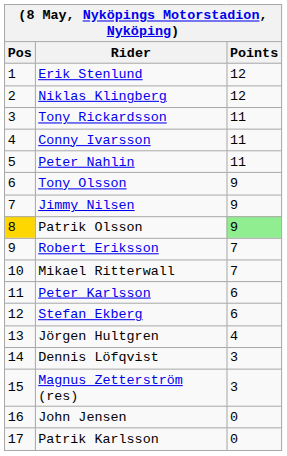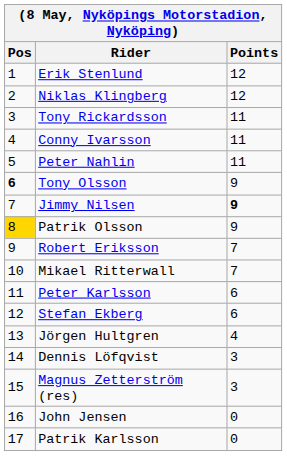 <table class="wikitable">
 <tr>
 <th colspan="6">(8 May, <a href='#'>Nyköpings Motorstadion</a>, <a href='#'>Nyköping</a>)</th>
 </tr>
 <tr>
 <th width=20>Pos</th>
 <th width=180>Rider</th>
 <th width=40>Points</th>
 </tr>
 <tr>
 <td>1</td>
 <td style="text-align:left;"><a href='#'>Erik Stenlund</a></td>
 <td>12</td>
 </tr>
 <tr>
 <td>2</td>
 <td style="text-align:left;"><a href='#'>Niklas Klingberg</a></td>
 <td>12</td>
 </tr>
 <tr>
 <td>3</td>
 <td style="text-align:left;"><a href='#'>Tony Rickardsson</a></td>
 <td>11</td>
 </tr>
 <tr>
 <td>4</td>
 <td style="text-align:left;"><a href='#'>Conny Ivarsson</a></td>
 <td>11</td>
 </tr>
 <tr>
 <td>5</td>
 <td style="text-align:left;"><a href='#'>Peter Nahlin</a></td>
 <td>11</td>
 </tr>
 <tr>
-<td>6</td>
+<td><strong>6</strong></td>
 <td style="text-align:left;"><a href='#'>Tony Olsson</a></td>
 <td>9</td>
 </tr>
 <tr>
 <td>7</td>
 <td style="text-align:left;"><a href='#'>Jimmy Nilsen</a></td>
-<td>9</td>
+<td><strong>9</strong></td>
 </tr>
 <tr>
 <td style="background: gold;">8</td>
 <td style="text-align:left;">Patrik Olsson</td>
-<td style="background: lightgreen;">9</td>
+<td>9</td>
 </tr>
 <tr>
 <td>9</td>
 <td style="text-align:left;"><a href='#'>Robert Eriksson</a></td>
 <td>7</td>
 </tr>
 <tr>
 <td>10</td>
 <td style="text-align:left;">Mikael Ritterwall</td>
 <td>7</td>
 </tr>
 <tr>
 <td>11</td>
 <td style="text-align:left;"><a href='#'>Peter Karlsson</a></td>
 <td>6</td>
 </tr>
 <tr>
 <td>12</td>
 <td style="text-align:left;"><a href='#'>Stefan Ekberg</a></td>
 <td>6</td>
 </tr>
 <tr>
 <td>13</td>
 <td style="text-align:left;">Jörgen Hultgren</td>
 <td>4</td>
 </tr>
 <tr>
 <td>14</td>
 <td style="text-align:left;">Dennis Löfqvist</td>
 <td>3</td>
 </tr>
 <tr>
 <td>15</td>
 <td style="text-align:left;"><a href='#'>Magnus Zetterström</a> (res)</td>
 <td>3</td>
 </tr>
 <tr>
 <td>16</td>
 <td style="text-align:left;">John Jensen</td>
 <td>0</td>
 </tr>
 <tr>
 <td>17</td>
 <td style="text-align:left;">Patrik Karlsson</td>
 <td>0</td>
 </tr>
 </table>
